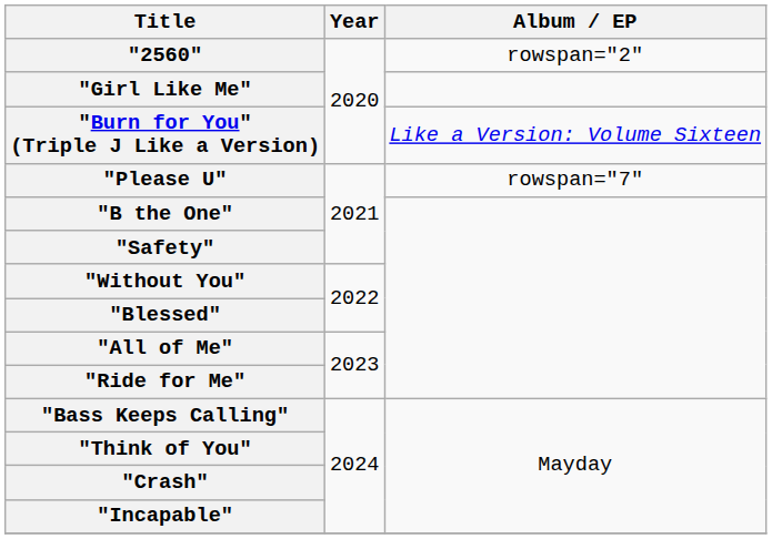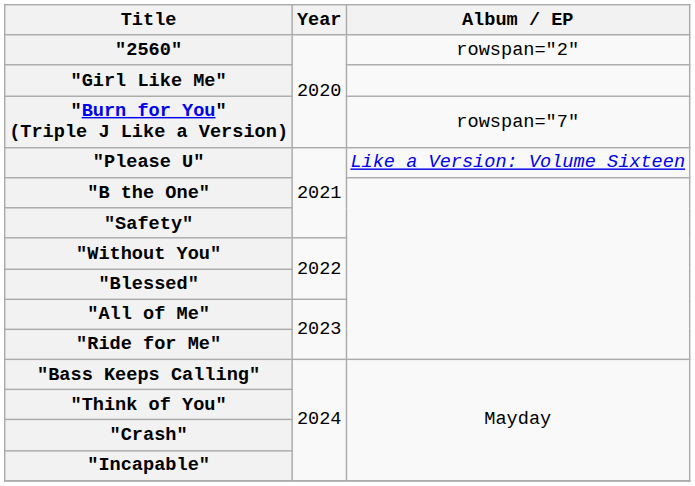 <table class="wikitable plainrowheaders" style="text-align:center;">
 <tr>
 <th scope="col" rowspan="1">Title</th>
 <th scope="col" rowspan="1">Year</th>
 <th scope="col" rowspan="1">Album / EP</th>
 </tr>
 <tr>
 <th scope="row">"2560"</th>
 <td rowspan="3">2020</td>
 <td>rowspan="2" </td>
 </tr>
 <tr>
 <th scope="row">"Girl Like Me"</th>
 </tr>
 <tr>
 <th scope="row">"<a href='#'>Burn for You</a>" <br>(Triple J Like a Version)</th>
-<td><em><a href='#'>Like a Version: Volume Sixteen</a></td>
+<td>rowspan="7" </td>
 </tr>
 <tr>
 <th scope="row">"Please U" <br> </th>
 <td rowspan="3">2021</td>
-<td>rowspan="7" </td>
+<td><em><a href='#'>Like a Version: Volume Sixteen</a></td>
 </tr>
 <tr>
 <th scope="row">"B the One" <br> </th>
 </tr>
 <tr>
 <th scope="row">"Safety"</th>
 </tr>
 <tr>
 <th scope="row">"Without You"</th>
 <td rowspan="2">2022</td>
 </tr>
 <tr>
 <th scope="row">"Blessed"</th>
 </tr>
 <tr>
 <th scope="row">"All of Me"<br></th>
 <td rowspan="2">2023</td>
 </tr>
 <tr>
 <th scope="row">"Ride for Me"</th>
 </tr>
 <tr>
 <th scope="row">"Bass Keeps Calling"</th>
 <td rowspan="4">2024</td>
 <td rowspan="4"></em>Mayday<em></td>
 </tr>
 <tr>
 <th scope="row">"Think of You"</th>
 </tr>
 <tr>
 <th scope="row">"Crash"</th>
 </tr>
 <tr>
 <th scope="row">"Incapable"</th>
 </tr>
 <tr>
 </tr>
 </table>
